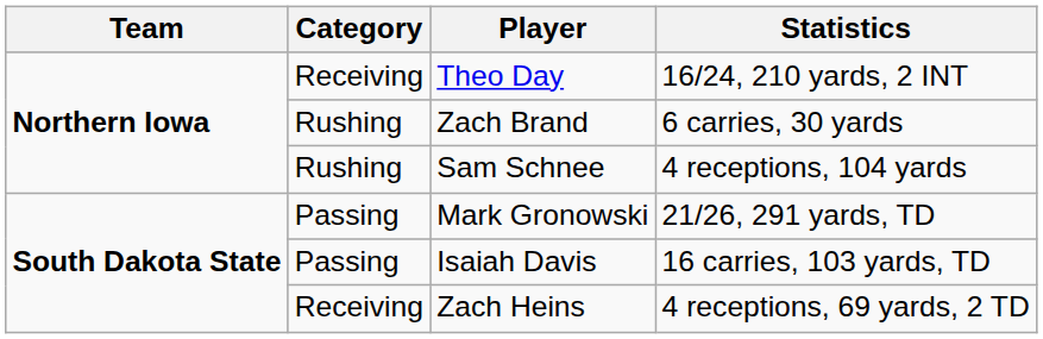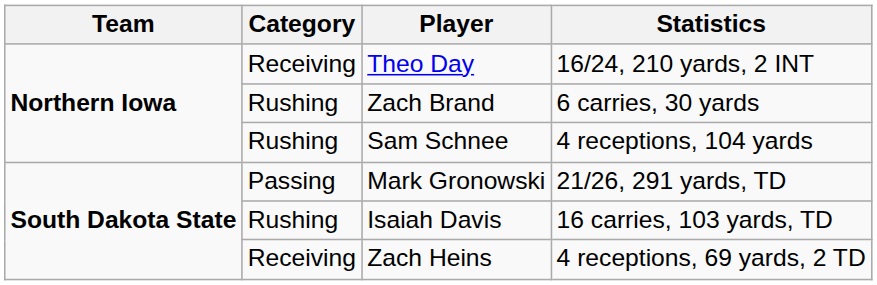 <table class="wikitable" style="float: left;">
 <tr>
 <th>Team</th>
 <th>Category</th>
 <th>Player</th>
 <th>Statistics</th>
 </tr>
 <tr>
 <td rowspan=3><strong>Northern Iowa</strong></td>
 <td>Receiving</td>
 <td><a href='#'>Theo Day</a></td>
 <td>16/24, 210 yards, 2 INT</td>
 </tr>
 <tr>
 <td>Rushing</td>
 <td>Zach Brand</td>
 <td>6 carries, 30 yards</td>
 </tr>
 <tr>
 <td>Rushing</td>
 <td>Sam Schnee</td>
 <td>4 receptions, 104 yards</td>
 </tr>
 <tr>
 <td rowspan=3><strong>South Dakota State</strong></td>
 <td>Passing</td>
 <td>Mark Gronowski</td>
 <td>21/26, 291 yards, TD</td>
 </tr>
 <tr>
-<td>Passing</td>
+<td>Rushing</td>
 <td>Isaiah Davis</td>
 <td>16 carries, 103 yards, TD</td>
 </tr>
 <tr>
 <td>Receiving</td>
 <td>Zach Heins</td>
 <td>4 receptions, 69 yards, 2 TD</td>
 </tr>
 </table>
